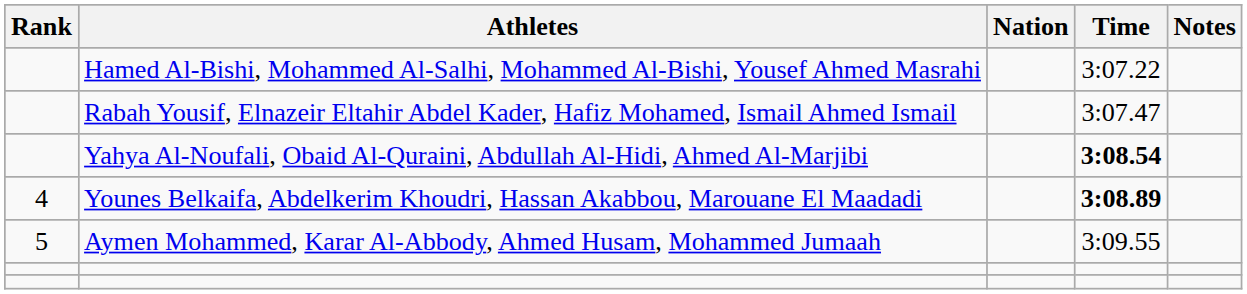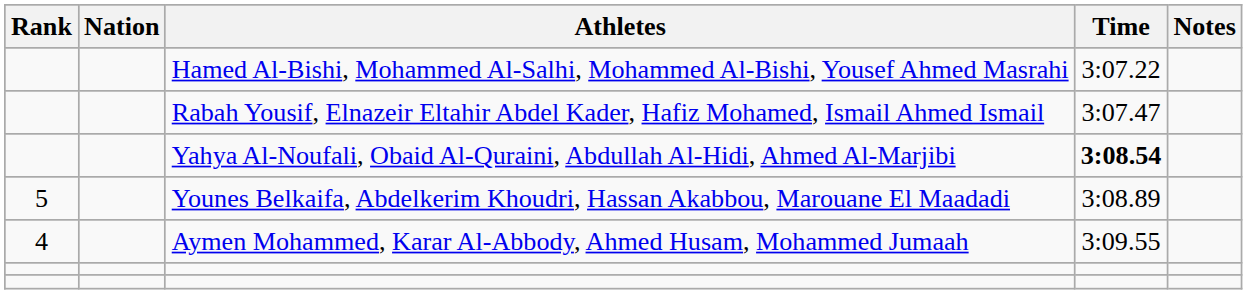 <table class="wikitable sortable" style="text-align:center;font-size:95%">
 <tr>
 <th>Rank</th>
+<th>Nation</th>
 <th>Athletes</th>
-<th>Nation</th>
 <th>Time</th>
 <th>Notes</th>
 </tr>
 <tr>
 <td></td>
+<td align=left></td>
 <td align=left><a href='#'>Hamed Al-Bishi</a>, <a href='#'>Mohammed Al-Salhi</a>, <a href='#'>Mohammed Al-Bishi</a>, <a href='#'>Yousef Ahmed Masrahi</a></td>
-<td align=left></td>
 <td>3:07.22</td>
 <td></td>
 </tr>
 <tr>
 <td></td>
+<td align=left></td>
 <td align=left><a href='#'>Rabah Yousif</a>, <a href='#'>Elnazeir Eltahir Abdel Kader</a>, <a href='#'>Hafiz Mohamed</a>, <a href='#'>Ismail Ahmed Ismail</a></td>
-<td align=left></td>
 <td>3:07.47</td>
 <td></td>
 </tr>
 <tr>
 <td></td>
+<td align=left></td>
 <td align=left><a href='#'>Yahya Al-Noufali</a>, <a href='#'>Obaid Al-Quraini</a>, <a href='#'>Abdullah Al-Hidi</a>, <a href='#'>Ahmed Al-Marjibi</a></td>
-<td align=left></td>
 <td><strong>3:08.54</strong></td>
 <td></td>
 </tr>
 <tr>
-<td>4</td>
+<td>5</td>
+<td align=left></td>
 <td align=left><a href='#'>Younes Belkaifa</a>, <a href='#'>Abdelkerim Khoudri</a>, <a href='#'>Hassan Akabbou</a>, <a href='#'>Marouane El Maadadi</a></td>
-<td align=left></td>
-<td><strong>3:08.89</strong></td>
+<td>3:08.89</td>
 <td></td>
 </tr>
 <tr>
-<td>5</td>
+<td>4</td>
+<td align=left></td>
 <td align=left><a href='#'>Aymen Mohammed</a>, <a href='#'>Karar Al-Abbody</a>, <a href='#'>Ahmed Husam</a>, <a href='#'>Mohammed Jumaah</a></td>
-<td align=left></td>
 <td>3:09.55</td>
 <td></td>
 </tr>
 <tr>
 <td></td>
 <td align=left></td>
 <td align=left></td>
 <td></td>
 <td></td>
 </tr>
 <tr>
 <td></td>
 <td align=left></td>
 <td align=left></td>
 <td></td>
 <td></td>
 </tr>
 </table>
